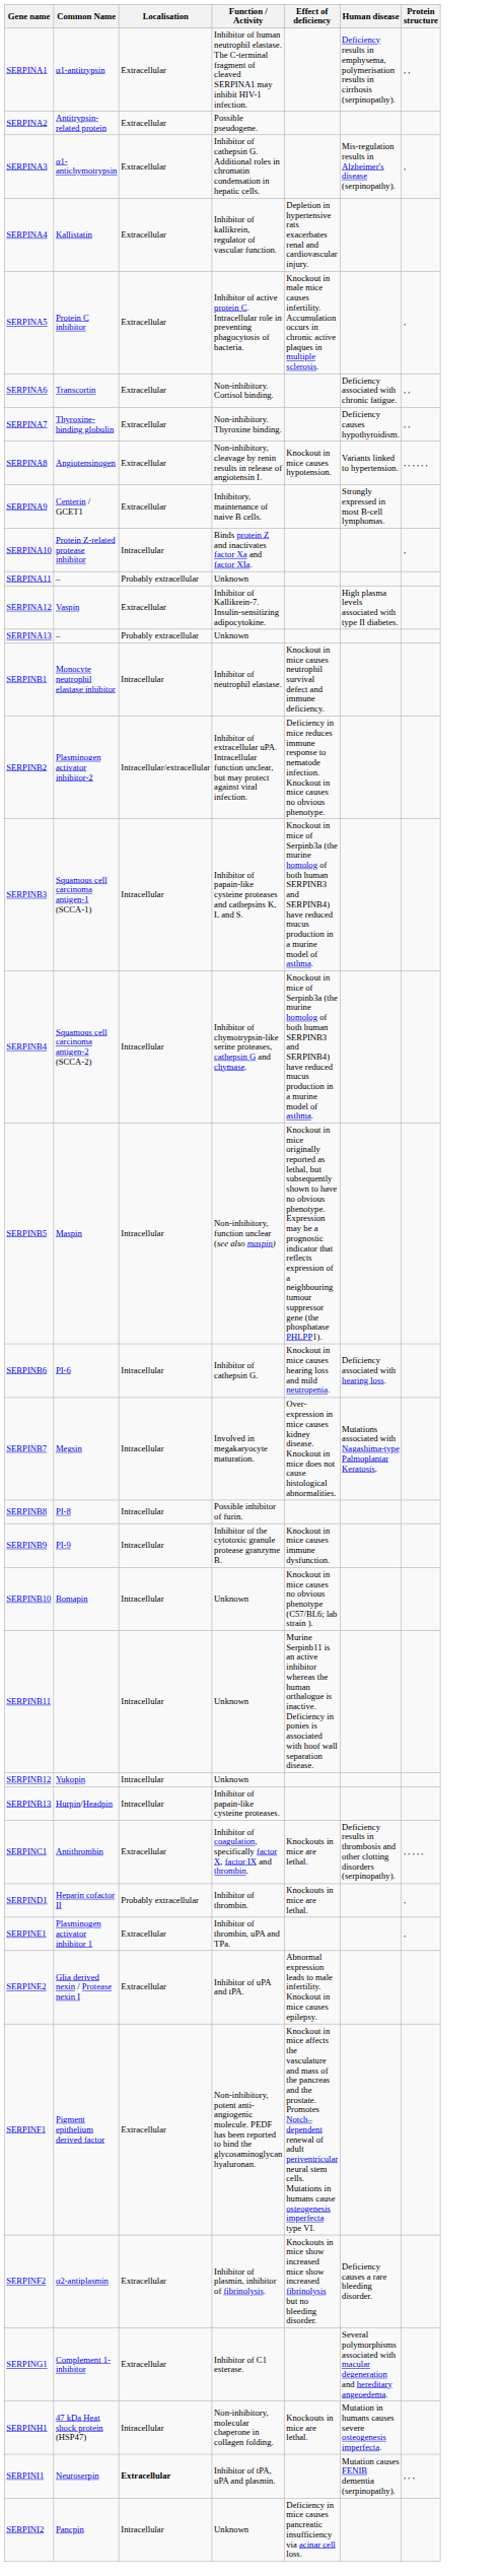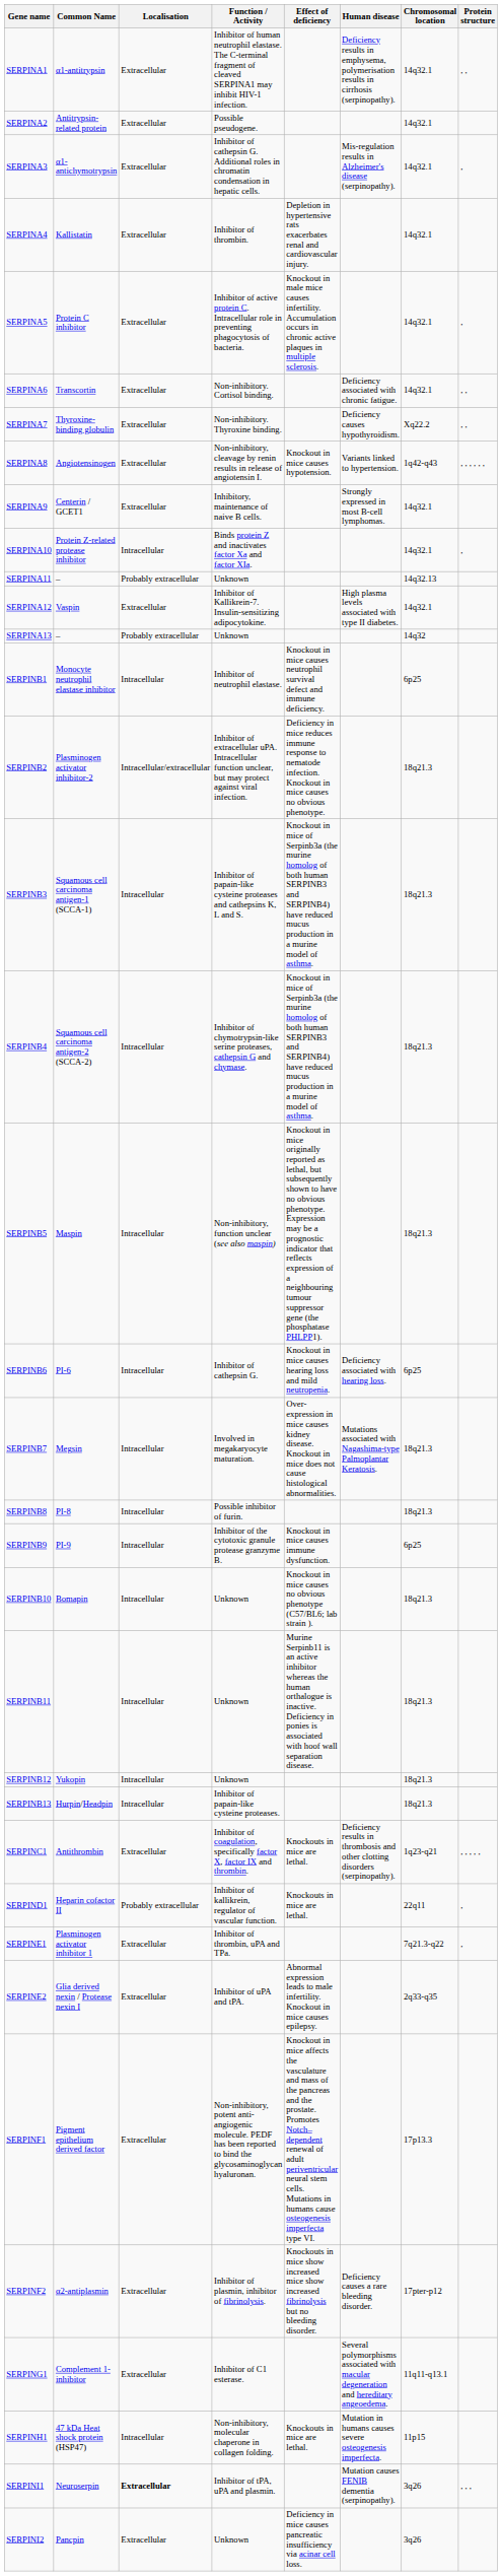 <table class="wikitable sortable mw-collapsible mw-collapsed" style="width:100%;">
 <tr>
 <th>Gene name</th>
 <th>Common Name</th>
 <th>Localisation</th>
 <th class="unsortable">Function / Activity</th>
 <th class="unsortable">Effect of deficiency</th>
 <th class="unsortable">Human disease</th>
+<th>Chromosomal location</th>
 <th scope="col" style="width: 70px;">Protein structure</th>
 </tr>
 <tr>
 <td><a href='#'>SERPINA1</a></td>
 <td><a href='#'>α1-antitrypsin</a></td>
 <td>Extracellular</td>
 <td>Inhibitor of human neutrophil elastase. The C-terminal fragment of cleaved SERPINA1 may inhibit HIV-1 infection.</td>
 <td></td>
 <td><a href='#'>Deficiency</a> results in emphysema, polymerisation results in cirrhosis (serpinopathy).</td>
+<td>14q32.1</td>
 <td>, , </td>
 </tr>
 <tr>
 <td><a href='#'>SERPINA2</a></td>
 <td><a href='#'>Antitrypsin-related protein</a></td>
 <td>Extracellular</td>
 <td>Possible pseudogene.</td>
 <td></td>
 <td></td>
+<td>14q32.1</td>
 <td></td>
 </tr>
 <tr>
 <td><a href='#'>SERPINA3</a></td>
 <td><a href='#'>α1-antichymotrypsin</a></td>
 <td>Extracellular</td>
 <td>Inhibitor of cathepsin G. Additional roles in chromatin condensation in hepatic cells.</td>
 <td></td>
 <td>Mis-regulation results in <a href='#'>Alzheimer's disease</a> (serpinopathy). </td>
+<td>14q32.1</td>
 <td>, </td>
 </tr>
 <tr>
 <td><a href='#'>SERPINA4</a></td>
 <td><a href='#'>Kallistatin</a></td>
 <td>Extracellular</td>
-<td>Inhibitor of kallikrein, regulator of vascular function.</td>
+<td>Inhibitor of thrombin.</td>
 <td>Depletion in hypertensive rats exacerbates renal and cardiovascular injury.</td>
 <td></td>
+<td>14q32.1</td>
 <td></td>
 </tr>
 <tr>
 <td><a href='#'>SERPINA5</a></td>
 <td><a href='#'>Protein C inhibitor</a></td>
 <td>Extracellular</td>
 <td>Inhibitor of active <a href='#'>protein C</a>. Intracellular role in preventing phagocytosis of bacteria.</td>
 <td>Knockout in male mice causes infertility. Accumulation occurs in chronic active plaques in <a href='#'>multiple sclerosis</a>.</td>
 <td></td>
+<td>14q32.1</td>
 <td>, </td>
 </tr>
 <tr>
 <td><a href='#'>SERPINA6</a></td>
 <td><a href='#'>Transcortin</a></td>
 <td>Extracellular</td>
 <td>Non-inhibitory. Cortisol binding.</td>
 <td></td>
 <td>Deficiency associated with chronic fatigue.</td>
+<td>14q32.1</td>
 <td>, , </td>
 </tr>
 <tr>
 <td><a href='#'>SERPINA7</a></td>
 <td><a href='#'>Thyroxine-binding globulin</a></td>
 <td>Extracellular</td>
 <td>Non-inhibitory. Thyroxine binding.</td>
 <td></td>
 <td>Deficiency causes hypothyroidism.</td>
+<td>Xq22.2</td>
 <td>, , </td>
 </tr>
 <tr>
 <td><a href='#'>SERPINA8</a></td>
 <td><a href='#'>Angiotensinogen</a></td>
 <td>Extracellular</td>
 <td>Non-inhibitory, cleavage by renin results in release of angiotensin I.</td>
 <td>Knockout in mice causes hypotension.</td>
 <td>Variants linked to hypertension.</td>
+<td>1q42-q43</td>
 <td>, , , , , , </td>
 </tr>
 <tr>
 <td><a href='#'>SERPINA9</a></td>
 <td><a href='#'>Centerin</a> / GCET1</td>
 <td>Extracellular</td>
 <td>Inhibitory, maintenance of naive B cells.</td>
 <td></td>
 <td>Strongly expressed in most B-cell lymphomas.</td>
+<td>14q32.1</td>
 <td></td>
 </tr>
 <tr>
 <td><a href='#'>SERPINA10</a></td>
 <td><a href='#'>Protein Z-related protease inhibitor</a></td>
 <td>Intracellular</td>
 <td>Binds <a href='#'>protein Z</a> and inactivates <a href='#'>factor Xa</a> and <a href='#'>factor XIa</a>.</td>
 <td></td>
 <td></td>
+<td>14q32.1</td>
 <td>, </td>
 </tr>
 <tr>
 <td><a href='#'>SERPINA11</a></td>
 <td>–</td>
 <td>Probably extracellular</td>
 <td>Unknown</td>
 <td></td>
 <td></td>
+<td>14q32.13</td>
 <td></td>
 </tr>
 <tr>
 <td><a href='#'>SERPINA12</a></td>
 <td><a href='#'>Vaspin</a></td>
 <td>Extracellular</td>
 <td>Inhibitor of Kallikrein-7. Insulin-sensitizing adipocytokine.</td>
 <td></td>
 <td>High plasma levels associated with type II diabetes.</td>
+<td>14q32.1</td>
 <td></td>
 </tr>
 <tr>
 <td><a href='#'>SERPINA13</a></td>
 <td>–</td>
 <td>Probably extracellular</td>
 <td>Unknown</td>
 <td></td>
 <td></td>
+<td>14q32</td>
 <td></td>
 </tr>
 <tr>
 <td><a href='#'>SERPINB1</a></td>
 <td><a href='#'>Monocyte neutrophil elastase inhibitor</a></td>
 <td>Intracellular</td>
 <td>Inhibitor of neutrophil elastase.</td>
 <td>Knockout in mice causes neutrophil survival defect and immune deficiency.</td>
 <td></td>
+<td>6p25</td>
 <td></td>
 </tr>
 <tr>
 <td><a href='#'>SERPINB2</a></td>
 <td><a href='#'>Plasminogen activator inhibitor-2</a></td>
 <td>Intracellular/extracellular</td>
 <td>Inhibitor of extracellular uPA. Intracellular function unclear, but may protect against viral infection.</td>
 <td>Deficiency in mice reduces immune response to nematode infection. Knockout in mice causes no obvious phenotype.</td>
 <td></td>
+<td>18q21.3</td>
 <td></td>
 </tr>
 <tr>
 <td><a href='#'>SERPINB3</a></td>
 <td><a href='#'>Squamous cell carcinoma antigen-1</a> (SCCA-1)</td>
 <td>Intracellular</td>
 <td>Inhibitor of papain-like cysteine proteases and cathepsins K, L and S.</td>
 <td>Knockout in mice of Serpinb3a (the murine <a href='#'>homolog</a> of both human SERPINB3 and SERPINB4) have reduced mucus production in a murine model of <a href='#'>asthma</a>.</td>
 <td></td>
+<td>18q21.3</td>
 <td></td>
 </tr>
 <tr>
 <td><a href='#'>SERPINB4</a></td>
 <td><a href='#'>Squamous cell carcinoma antigen-2</a> (SCCA-2)</td>
 <td>Intracellular</td>
 <td>Inhibitor of chymotrypsin-like serine proteases, <a href='#'>cathepsin G</a> and <a href='#'>chymase</a>.</td>
 <td>Knockout in mice of Serpinb3a (the murine <a href='#'>homolog</a> of both human SERPINB3 and SERPINB4) have reduced mucus production in a murine model of <a href='#'>asthma</a>.</td>
 <td></td>
+<td>18q21.3</td>
 <td></td>
 </tr>
 <tr>
 <td><a href='#'>SERPINB5</a></td>
 <td><a href='#'>Maspin</a></td>
 <td>Intracellular</td>
 <td>Non-inhibitory, function unclear (<em>see also <a href='#'>maspin</a>)</em></td>
 <td>Knockout in mice originally reported as lethal, but subsequently shown to have no obvious phenotype. Expression may be a prognostic indicator that reflects expression of a neighbouring tumour suppressor gene (the phosphatase <a href='#'>PHLPP</a>1).</td>
 <td></td>
+<td>18q21.3</td>
 <td></td>
 </tr>
 <tr>
 <td><a href='#'>SERPINB6</a></td>
 <td><a href='#'>PI-6</a></td>
 <td>Intracellular</td>
 <td>Inhibitor of cathepsin G.</td>
 <td>Knockout in mice causes hearing loss and mild <a href='#'>neutropenia</a>.</td>
 <td>Deficiency associated with <a href='#'>hearing loss</a>.</td>
+<td>6p25</td>
 <td></td>
 </tr>
 <tr>
 <td><a href='#'>SERPINB7</a></td>
 <td><a href='#'>Megsin</a></td>
 <td>Intracellular</td>
 <td>Involved in megakaryocyte maturation.</td>
 <td>Over-expression in mice causes kidney disease. Knockout in mice does not cause histological abnormalities.</td>
 <td>Mutations associated with <a href='#'>Nagashima-type Palmoplantar Keratosis</a>.</td>
+<td>18q21.3</td>
 <td></td>
 </tr>
 <tr>
 <td><a href='#'>SERPINB8</a></td>
 <td><a href='#'>PI-8</a></td>
 <td>Intracellular</td>
 <td>Possible inhibitor of furin.</td>
 <td></td>
 <td></td>
+<td>18q21.3</td>
 <td></td>
 </tr>
 <tr>
 <td><a href='#'>SERPINB9</a></td>
 <td><a href='#'>PI-9</a></td>
 <td>Intracellular</td>
 <td>Inhibitor of the cytotoxic granule protease granzyme B.</td>
 <td>Knockout in mice causes immune dysfunction.</td>
 <td></td>
+<td>6p25</td>
 <td></td>
 </tr>
 <tr>
 <td><a href='#'>SERPINB10</a></td>
 <td><a href='#'>Bomapin</a></td>
 <td>Intracellular</td>
 <td>Unknown</td>
 <td>Knockout in mice causes no obvious phenotype (C57/BL6; lab strain ).</td>
 <td></td>
+<td>18q21.3</td>
 <td></td>
 </tr>
 <tr>
 <td><a href='#'>SERPINB11</a></td>
 <td></td>
 <td>Intracellular</td>
 <td>Unknown</td>
 <td>Murine Serpinb11 is an active inhibitor whereas the human orthalogue is inactive. Deficiency in ponies is associated with hoof wall separation disease.</td>
 <td></td>
+<td>18q21.3</td>
 <td></td>
 </tr>
 <tr>
 <td><a href='#'>SERPINB12</a></td>
 <td><a href='#'>Yukopin</a></td>
 <td>Intracellular</td>
 <td>Unknown</td>
 <td></td>
 <td></td>
+<td>18q21.3</td>
 <td></td>
 </tr>
 <tr>
 <td><a href='#'>SERPINB13</a></td>
 <td><a href='#'>Hurpin</a>/<a href='#'>Headpin</a></td>
 <td>Intracellular</td>
 <td>Inhibitor of papain-like cysteine proteases.</td>
 <td></td>
 <td></td>
+<td>18q21.3</td>
 <td></td>
 </tr>
 <tr>
 <td><a href='#'>SERPINC1</a></td>
 <td><a href='#'>Antithrombin</a></td>
 <td>Extracellular</td>
 <td>Inhibitor of <a href='#'>coagulation</a>, specifically <a href='#'>factor X</a>, <a href='#'>factor IX</a> and <a href='#'>thrombin</a>.</td>
 <td>Knockouts in mice are lethal.</td>
 <td>Deficiency results in thrombosis and other clotting disorders (serpinopathy).</td>
+<td>1q23-q21</td>
 <td>, , , , , </td>
 </tr>
 <tr>
 <td><a href='#'>SERPIND1</a></td>
 <td><a href='#'>Heparin cofactor II</a></td>
 <td>Probably extracellular</td>
-<td>Inhibitor of thrombin.</td>
+<td>Inhibitor of kallikrein, regulator of vascular function.</td>
 <td>Knockouts in mice are lethal.</td>
 <td></td>
+<td>22q11</td>
 <td>, </td>
 </tr>
 <tr>
 <td><a href='#'>SERPINE1</a></td>
 <td><a href='#'>Plasminogen activator inhibitor 1</a></td>
 <td>Extracellular</td>
 <td>Inhibitor of thrombin, uPA and TPa.</td>
 <td></td>
 <td></td>
+<td>7q21.3-q22</td>
 <td>, </td>
 </tr>
 <tr>
 <td><a href='#'>SERPINE2</a></td>
 <td><a href='#'>Glia derived nexin</a> / <a href='#'>Protease nexin I</a></td>
 <td>Extracellular</td>
 <td>Inhibitor of uPA and tPA.</td>
 <td>Abnormal expression leads to male infertility. Knockout in mice causes epilepsy.</td>
 <td></td>
+<td>2q33-q35</td>
 <td></td>
 </tr>
 <tr>
 <td><a href='#'>SERPINF1</a></td>
 <td><a href='#'>Pigment epithelium derived factor</a></td>
 <td>Extracellular</td>
 <td>Non-inhibitory, potent anti-angiogenic molecule. PEDF has been reported to bind the glycosaminoglycan hyaluronan.</td>
 <td>Knockout in mice affects the vasculature and mass of the pancreas and the prostate. Promotes <a href='#'>Notch–dependent</a> renewal of adult <a href='#'>periventricular</a> neural stem cells. Mutations in humans cause <a href='#'>osteogenesis imperfecta</a> type VI.</td>
 <td></td>
+<td>17p13.3</td>
 <td></td>
 </tr>
 <tr>
 <td><a href='#'>SERPINF2</a></td>
 <td><a href='#'>α2-antiplasmin</a></td>
 <td>Extracellular</td>
 <td>Inhibitor of plasmin, inhibitor of <a href='#'>fibrinolysis</a>.</td>
 <td>Knockouts in mice show increased mice show increased <a href='#'>fibrinolysis</a> but no bleeding disorder.</td>
 <td>Deficiency causes a rare bleeding disorder.</td>
+<td>17pter-p12</td>
 <td></td>
 </tr>
 <tr>
 <td><a href='#'>SERPING1</a></td>
 <td><a href='#'>Complement 1-inhibitor</a></td>
 <td>Extracellular</td>
 <td>Inhibitor of C1 esterase.</td>
 <td></td>
 <td>Several polymorphisms associated with <a href='#'>macular degeneration</a> and <a href='#'>hereditary angeoedema</a>.</td>
+<td>11q11-q13.1</td>
 <td></td>
 </tr>
 <tr>
 <td><a href='#'>SERPINH1</a></td>
 <td><a href='#'>47 kDa Heat shock protein</a> (HSP47)</td>
 <td>Intracellular</td>
 <td>Non-inhibitory, molecular chaperone in collagen folding.</td>
 <td>Knockouts in mice are lethal.</td>
 <td>Mutation in humans causes severe <a href='#'>osteogenesis imperfecta</a>.</td>
+<td>11p15</td>
 <td></td>
 </tr>
 <tr>
 <td><a href='#'>SERPINI1</a></td>
 <td><a href='#'>Neuroserpin</a></td>
 <td><strong>Extracellular</strong></td>
 <td>Inhibitor of tPA, uPA and plasmin.</td>
 <td></td>
 <td>Mutation causes <a href='#'>FENIB</a> dementia (serpinopathy).</td>
+<td>3q26</td>
 <td>, , , </td>
 </tr>
 <tr>
 <td><a href='#'>SERPINI2</a></td>
 <td><a href='#'>Pancpin</a></td>
-<td>Intracellular</td>
+<td>Extracellular</td>
 <td>Unknown</td>
 <td>Deficiency in mice causes pancreatic insufficiency via <a href='#'>acinar cell</a> loss.</td>
 <td></td>
+<td>3q26</td>
 <td></td>
 </tr>
 </table>
